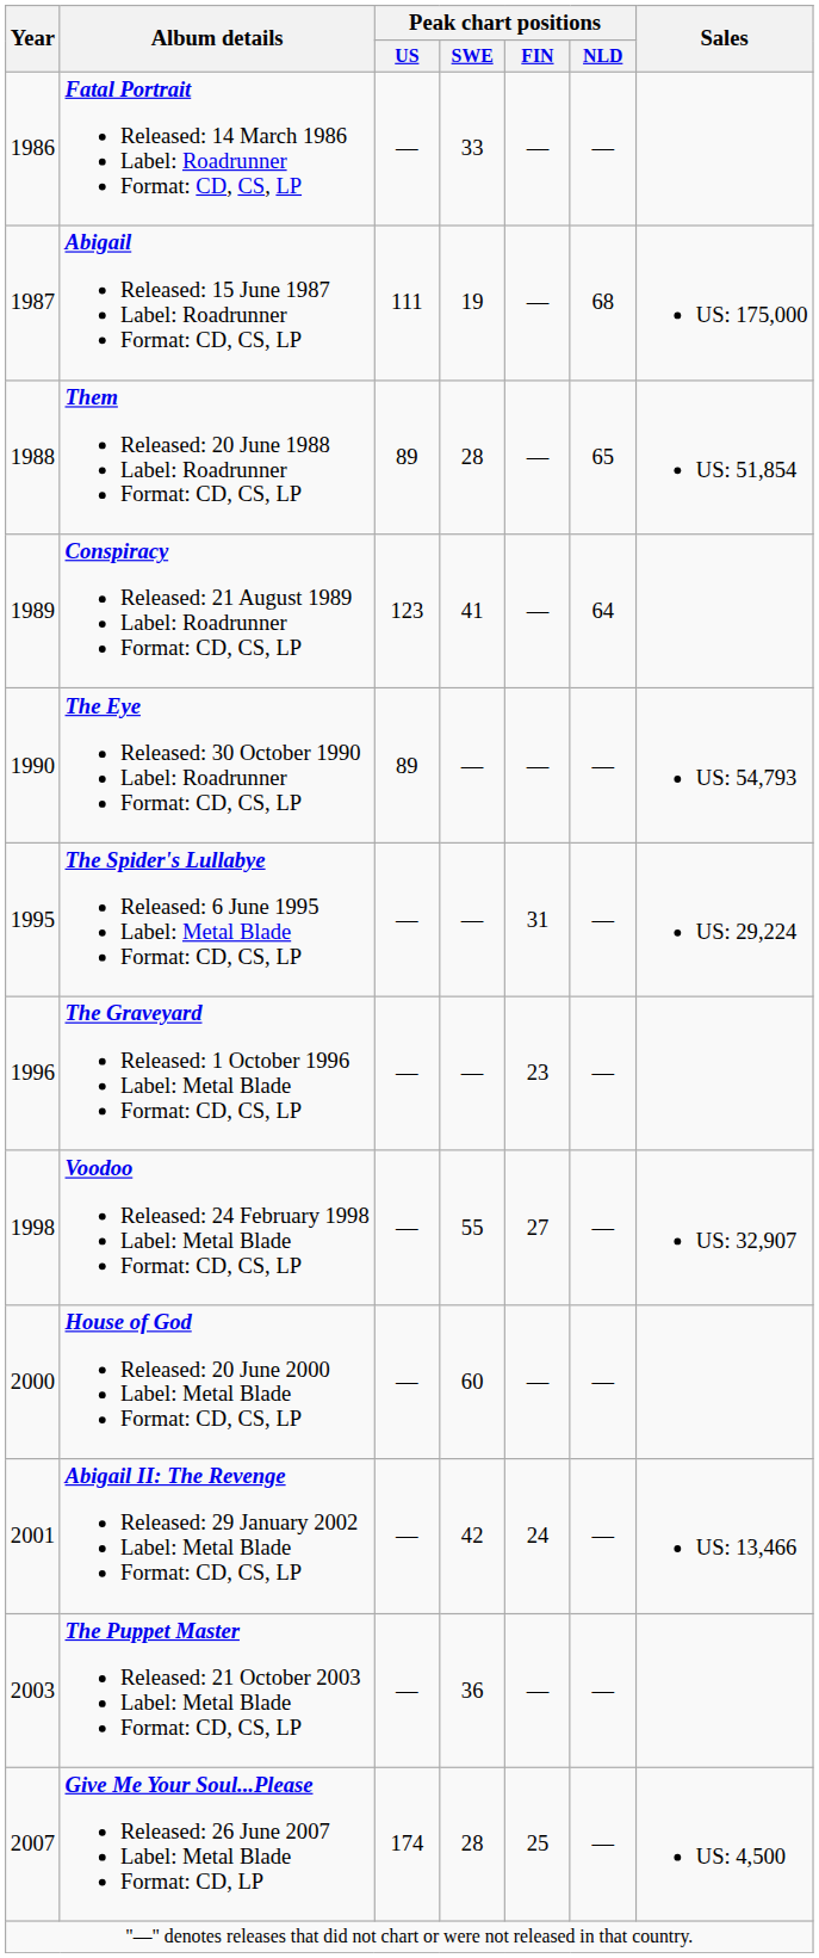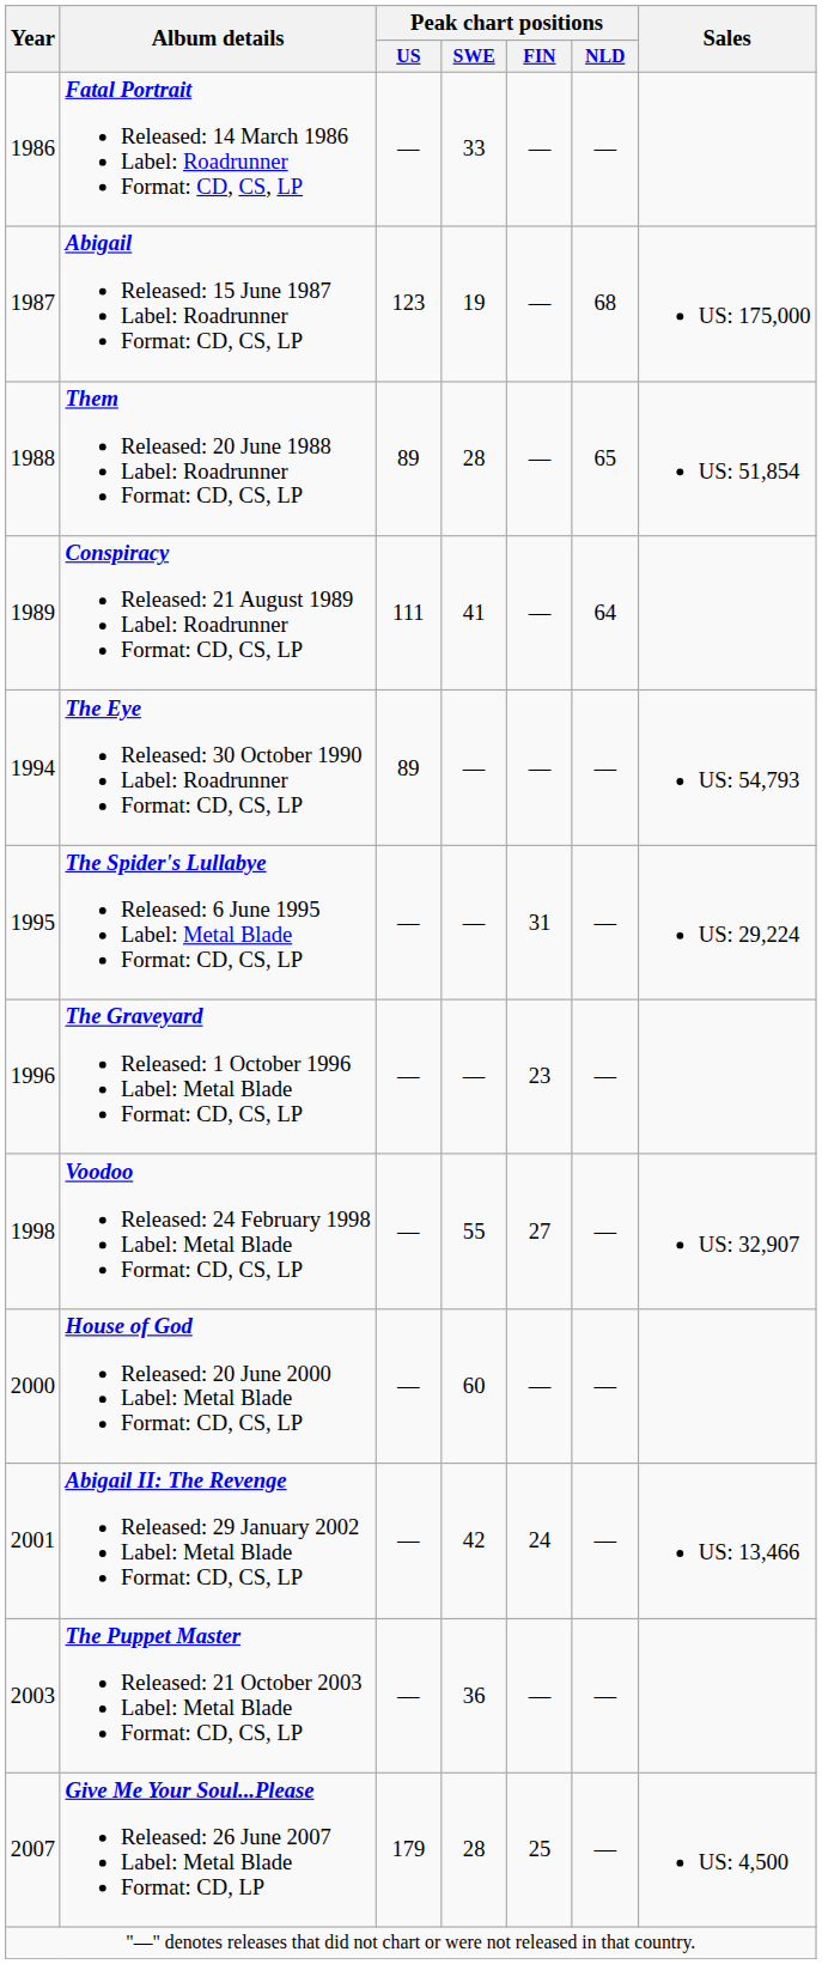 <table class="wikitable" border="1">
 <tr>
 <th rowspan="2">Year</th>
 <th rowspan="2">Album details</th>
 <th colspan="4">Peak chart positions</th>
 <th rowspan="2">Sales</th>
 </tr>
 <tr>
 <th style="width:3em;font-size:85%;"><a href='#'>US</a><br></th>
 <th style="width:3em;font-size:85%;"><a href='#'>SWE</a><br></th>
 <th style="width:3em;font-size:85%;"><a href='#'>FIN</a><br></th>
 <th style="width:3em;font-size:85%;"><a href='#'>NLD</a><br></th>
 </tr>
 <tr>
 <td>1986</td>
 <td><strong><em><a href='#'>Fatal Portrait</a></em></strong><br><ul><li>Released: 14 March 1986</li><li>Label: <a href='#'>Roadrunner</a></li><li>Format: <a href='#'>CD</a>, <a href='#'>CS</a>, <a href='#'>LP</a></li></ul></td>
 <td align="center">—</td>
 <td align="center">33</td>
 <td align="center">—</td>
 <td align="center">—</td>
 <td></td>
 </tr>
 <tr>
 <td>1987</td>
 <td><strong><em><a href='#'>Abigail</a></em></strong><br><ul><li>Released: 15 June 1987</li><li>Label: Roadrunner</li><li>Format: CD, CS, LP</li></ul></td>
-<td align="center">111</td>
+<td align="center">123</td>
 <td align="center">19</td>
 <td align="center">—</td>
 <td align="center">68</td>
 <td><br><ul><li>US: 175,000</li></ul></td>
 </tr>
 <tr>
 <td>1988</td>
 <td><strong><em><a href='#'>Them</a></em></strong><br><ul><li>Released: 20 June 1988</li><li>Label: Roadrunner</li><li>Format: CD, CS, LP</li></ul></td>
 <td align="center">89</td>
 <td align="center">28</td>
 <td align="center">—</td>
 <td align="center">65</td>
 <td><br><ul><li>US: 51,854</li></ul></td>
 </tr>
 <tr>
 <td>1989</td>
 <td><strong><em><a href='#'>Conspiracy</a></em></strong><br><ul><li>Released: 21 August 1989</li><li>Label: Roadrunner</li><li>Format: CD, CS, LP</li></ul></td>
-<td align="center">123</td>
+<td align="center">111</td>
 <td align="center">41</td>
 <td align="center">—</td>
 <td align="center">64</td>
 <td></td>
 </tr>
 <tr>
-<td>1990</td>
+<td>1994</td>
 <td><strong><em><a href='#'>The Eye</a></em></strong><br><ul><li>Released: 30 October 1990</li><li>Label: Roadrunner</li><li>Format: CD, CS, LP</li></ul></td>
 <td align="center">89</td>
 <td align="center">—</td>
 <td align="center">—</td>
 <td align="center">—</td>
 <td><br><ul><li>US: 54,793</li></ul></td>
 </tr>
 <tr>
 <td>1995</td>
 <td><strong><em><a href='#'>The Spider's Lullabye</a></em></strong><br><ul><li>Released: 6 June 1995</li><li>Label: <a href='#'>Metal Blade</a></li><li>Format: CD, CS, LP</li></ul></td>
 <td align="center">—</td>
 <td align="center">—</td>
 <td align="center">31</td>
 <td align="center">—</td>
 <td><br><ul><li>US: 29,224</li></ul></td>
 </tr>
 <tr>
 <td>1996</td>
 <td><strong><em><a href='#'>The Graveyard</a></em></strong><br><ul><li>Released: 1 October 1996</li><li>Label: Metal Blade</li><li>Format: CD, CS, LP</li></ul></td>
 <td align="center">—</td>
 <td align="center">—</td>
 <td align="center">23</td>
 <td align="center">—</td>
 <td></td>
 </tr>
 <tr>
 <td>1998</td>
 <td><strong><em><a href='#'>Voodoo</a></em></strong><br><ul><li>Released: 24 February 1998</li><li>Label: Metal Blade</li><li>Format: CD, CS, LP</li></ul></td>
 <td align="center">—</td>
 <td align="center">55</td>
 <td align="center">27</td>
 <td align="center">—</td>
 <td><br><ul><li>US: 32,907</li></ul></td>
 </tr>
 <tr>
 <td>2000</td>
 <td><strong><em><a href='#'>House of God</a></em></strong><br><ul><li>Released: 20 June 2000</li><li>Label: Metal Blade</li><li>Format: CD, CS, LP</li></ul></td>
 <td align="center">—</td>
 <td align="center">60</td>
 <td align="center">—</td>
 <td align="center">—</td>
 <td></td>
 </tr>
 <tr>
 <td>2001</td>
 <td><strong><em><a href='#'>Abigail II: The Revenge</a></em></strong><br><ul><li>Released: 29 January 2002</li><li>Label: Metal Blade</li><li>Format: CD, CS, LP</li></ul></td>
 <td align="center">—</td>
 <td align="center">42</td>
 <td align="center">24</td>
 <td align="center">—</td>
 <td><br><ul><li>US: 13,466</li></ul></td>
 </tr>
 <tr>
 <td>2003</td>
 <td><strong><em><a href='#'>The Puppet Master</a></em></strong><br><ul><li>Released: 21 October 2003</li><li>Label: Metal Blade</li><li>Format: CD, CS, LP</li></ul></td>
 <td align="center">—</td>
 <td align="center">36</td>
 <td align="center">—</td>
 <td align="center">—</td>
 <td></td>
 </tr>
 <tr>
 <td>2007</td>
 <td><strong><em><a href='#'>Give Me Your Soul...Please</a></em></strong><br><ul><li>Released: 26 June 2007</li><li>Label: Metal Blade</li><li>Format: CD, LP</li></ul></td>
-<td align="center">174</td>
+<td align="center">179</td>
 <td align="center">28</td>
 <td align="center">25</td>
 <td align="center">—</td>
 <td><br><ul><li>US: 4,500</li></ul></td>
 </tr>
 <tr>
 <td align="center" colspan="12" style="font-size: 85%">"—" denotes releases that did not chart or were not released in that country.</td>
 </tr>
 </table>
